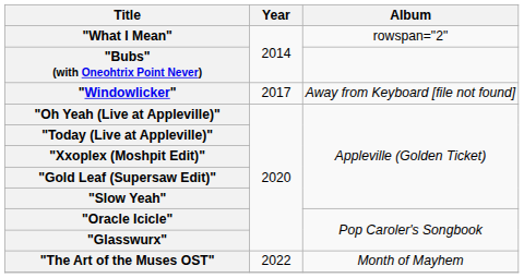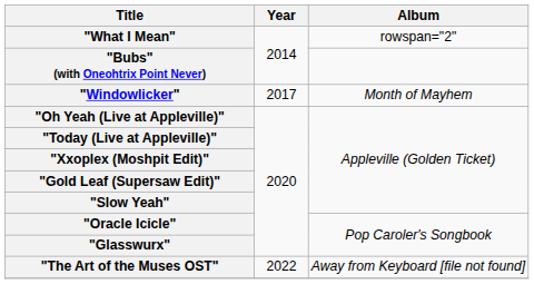 <table class="wikitable plainrowheaders" style="text-align:center;">
 <tr>
 <th scope="col" style="width:18em;">Title</th>
 <th scope="col" style="width:3.5em;">Year</th>
 <th scope="col">Album</th>
 </tr>
 <tr>
 <th scope="row">"What I Mean"</th>
 <td rowspan="2">2014</td>
 <td>rowspan="2" </td>
 </tr>
 <tr>
 <th scope="row">"Bubs"<br><small>(with <a href='#'>Oneohtrix Point Never</a>)</small></th>
 </tr>
 <tr>
 <th scope="row">"<a href='#'>Windowlicker</a>"</th>
 <td>2017</td>
-<td><em>Away from Keyboard [file not found]</em></td>
+<td><em>Month of Mayhem</em></td>
 </tr>
 <tr>
 <th scope="row">"Oh Yeah (Live at Appleville)"</th>
 <td rowspan="7">2020</td>
 <td rowspan="5"><em>Appleville (Golden Ticket)</em></td>
 </tr>
 <tr>
 <th scope="row">"Today (Live at Appleville)"</th>
 </tr>
 <tr>
 <th scope="row">"Xxoplex (Moshpit Edit)"</th>
 </tr>
 <tr>
 <th scope="row">"Gold Leaf (Supersaw Edit)"</th>
 </tr>
 <tr>
 <th scope="row">"Slow Yeah"</th>
 </tr>
 <tr>
 <th scope="row">"Oracle Icicle"</th>
 <td rowspan="2"><em>Pop Caroler's Songbook</em></td>
 </tr>
 <tr>
 <th scope="row">"Glasswurx"</th>
 </tr>
 <tr>
 <th scope="row">"The Art of the Muses OST"</th>
 <td>2022</td>
-<td><em>Month of Mayhem</em></td>
+<td><em>Away from Keyboard [file not found]</em></td>
 </tr>
 <tr>
 </tr>
 </table>
